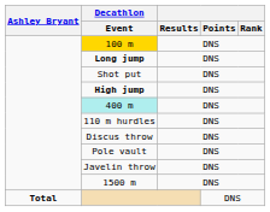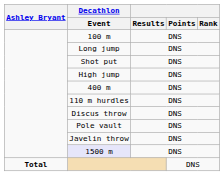 <table class=wikitable style="font-size:90%;">
 <tr>
 <th rowspan="2"><a href='#'>Ashley Bryant</a></th>
 <th><a href='#'>Decathlon</a></th>
 <th colspan="3"></th>
 </tr>
 <tr>
 <th>Event</th>
 <th>Results</th>
 <th>Points</th>
 <th>Rank</th>
 </tr>
 <tr>
 <td rowspan="10"></td>
-<td align="center" style="background: gold;">100 m</td>
+<td align="center">100 m</td>
 <td align=center colspan= 3>DNS</td>
 </tr>
 <tr>
-<td align="center"><strong>Long jump</strong></td>
+<td align="center">Long jump</td>
 <td align=center colspan= 3>DNS</td>
 </tr>
 <tr>
 <td align="center">Shot put</td>
 <td align=center colspan= 3>DNS</td>
 </tr>
 <tr>
-<td align="center"><strong>High jump</strong></td>
+<td align="center">High jump</td>
 <td align=center colspan= 3>DNS</td>
 </tr>
 <tr>
-<td align="center" style="background: paleturquoise;">400 m</td>
+<td align="center">400 m</td>
 <td align=center colspan= 3>DNS</td>
 </tr>
 <tr>
 <td align="center">110 m hurdles</td>
 <td align=center colspan= 3>DNS</td>
 </tr>
 <tr>
 <td align="center">Discus throw</td>
 <td align=center colspan= 3>DNS</td>
 </tr>
 <tr>
 <td align="center">Pole vault</td>
 <td align=center colspan= 3>DNS</td>
 </tr>
 <tr>
 <td align="center">Javelin throw</td>
 <td align=center colspan= 3>DNS</td>
 </tr>
 <tr>
-<td align="center">1500 m</td>
+<td align="center" style="background: lavender;">1500 m</td>
 <td align=center colspan= 3>DNS</td>
 </tr>
 <tr>
 <td align="center"><strong>Total</strong></td>
 <td colspan="2" style="background:wheat;"></td>
 <td align=center colspan= 2>DNS</td>
 </tr>
 </table>
